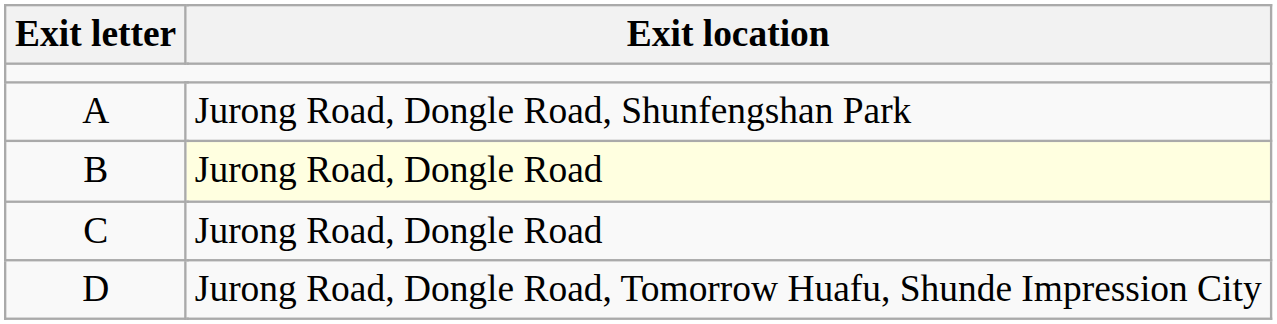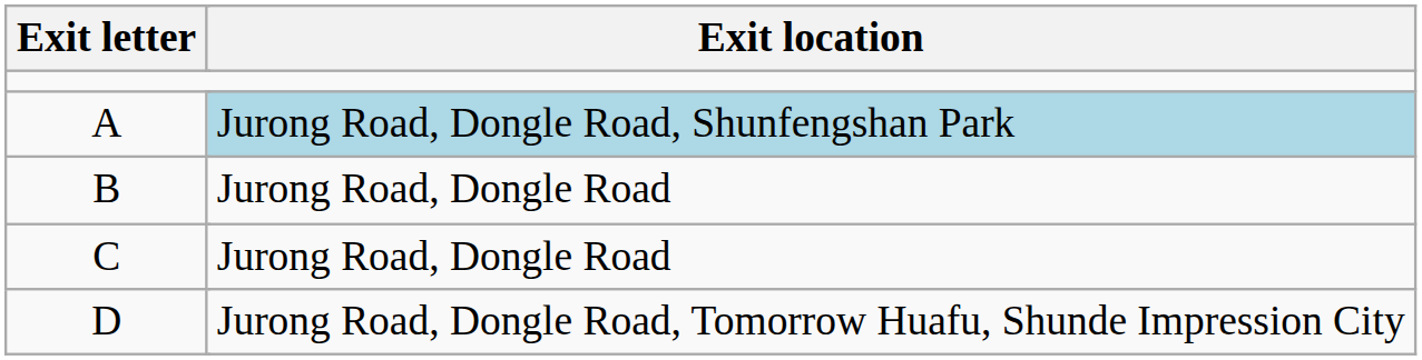 <table class="wikitable">
 <tr>
 <th colspan=2 style="width:70px">Exit letter</th>
 <th>Exit location</th>
 </tr>
 <tr style="background:#">
 <td colspan="4"></td>
 </tr>
 <tr>
 <td colspan=2 align=center>A</td>
-<td>Jurong Road, Dongle Road, Shunfengshan Park</td>
+<td style="background: lightblue;">Jurong Road, Dongle Road, Shunfengshan Park</td>
 </tr>
 <tr>
 <td colspan=2 align=center>B</td>
-<td style="background: lightyellow;">Jurong Road, Dongle Road</td>
+<td>Jurong Road, Dongle Road</td>
 </tr>
 <tr>
 <td colspan=2 align=center>C</td>
 <td>Jurong Road, Dongle Road</td>
 </tr>
 <tr>
 <td colspan=2 align=center>D</td>
 <td>Jurong Road, Dongle Road, Tomorrow Huafu, Shunde Impression City</td>
 </tr>
 </table>
